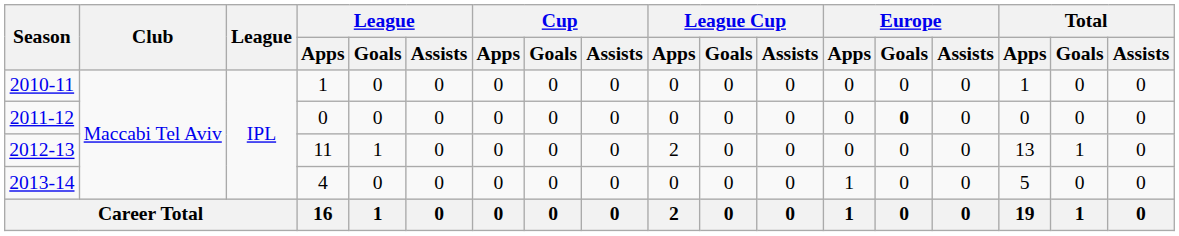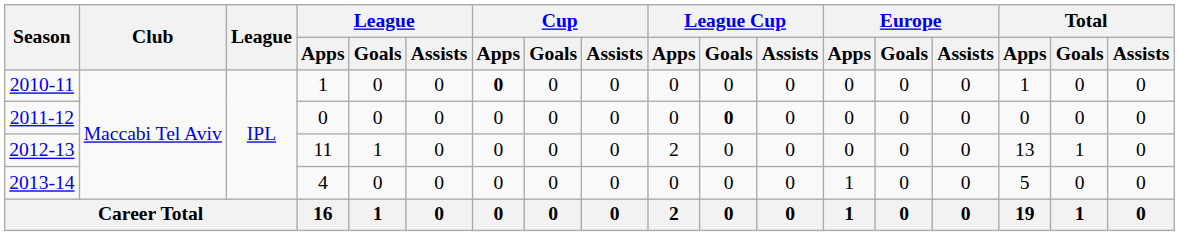 <table class="wikitable" style="font-size:90%; text-align: center;">
 <tr>
 <th rowspan="2">Season</th>
 <th rowspan="2">Club</th>
 <th rowspan="2">League</th>
 <th colspan="3"><a href='#'>League</a></th>
 <th colspan="3"><a href='#'>Cup</a></th>
 <th colspan="3"><a href='#'>League Cup</a></th>
 <th colspan="3"><a href='#'>Europe</a></th>
 <th colspan="3">Total</th>
 </tr>
 <tr>
 <th>Apps</th>
 <th>Goals</th>
 <th>Assists</th>
 <th>Apps</th>
 <th>Goals</th>
 <th>Assists</th>
 <th>Apps</th>
 <th>Goals</th>
 <th>Assists</th>
 <th>Apps</th>
 <th>Goals</th>
 <th>Assists</th>
 <th>Apps</th>
 <th>Goals</th>
 <th>Assists</th>
 </tr>
 <tr |->
 <td><a href='#'>2010-11</a></td>
 <td rowspan="4" valign="center"><a href='#'>Maccabi Tel Aviv</a></td>
 <td rowspan="4" valign="center"><a href='#'>IPL</a></td>
 <td>1</td>
 <td>0</td>
 <td>0</td>
-<td>0</td>
+<td><strong>0</strong></td>
 <td>0</td>
 <td>0</td>
 <td>0</td>
 <td>0</td>
 <td>0</td>
 <td>0</td>
 <td>0</td>
 <td>0</td>
 <td>1</td>
 <td>0</td>
 <td>0</td>
 </tr>
 <tr>
 <td><a href='#'>2011-12</a></td>
 <td>0</td>
 <td>0</td>
 <td>0</td>
 <td>0</td>
 <td>0</td>
 <td>0</td>
 <td>0</td>
+<td><strong>0</strong></td>
 <td>0</td>
 <td>0</td>
 <td>0</td>
-<td><strong>0</strong></td>
 <td>0</td>
 <td>0</td>
 <td>0</td>
 <td>0</td>
 </tr>
 <tr>
 <td><a href='#'>2012-13</a></td>
 <td>11</td>
 <td>1</td>
 <td>0</td>
 <td>0</td>
 <td>0</td>
 <td>0</td>
 <td>2</td>
 <td>0</td>
 <td>0</td>
 <td>0</td>
 <td>0</td>
 <td>0</td>
 <td>13</td>
 <td>1</td>
 <td>0</td>
 </tr>
 <tr>
 <td><a href='#'>2013-14</a></td>
 <td>4</td>
 <td>0</td>
 <td>0</td>
 <td>0</td>
 <td>0</td>
 <td>0</td>
 <td>0</td>
 <td>0</td>
 <td>0</td>
 <td>1</td>
 <td>0</td>
 <td>0</td>
 <td>5</td>
 <td>0</td>
 <td>0</td>
 </tr>
 <tr>
 <th colspan="3">Career Total</th>
 <th>16</th>
 <th>1</th>
 <th>0</th>
 <th>0</th>
 <th>0</th>
 <th>0</th>
 <th>2</th>
 <th>0</th>
 <th>0</th>
 <th>1</th>
 <th>0</th>
 <th>0</th>
 <th>19</th>
 <th>1</th>
 <th>0</th>
 </tr>
 </table>
